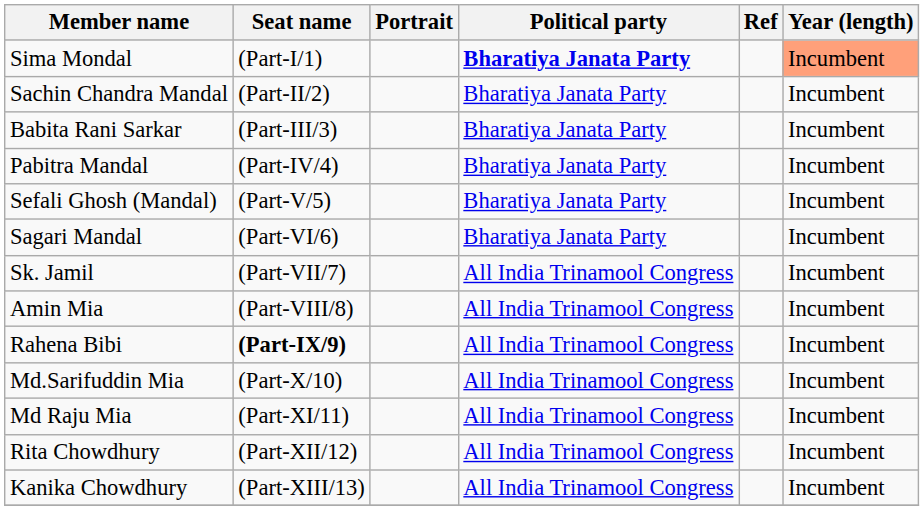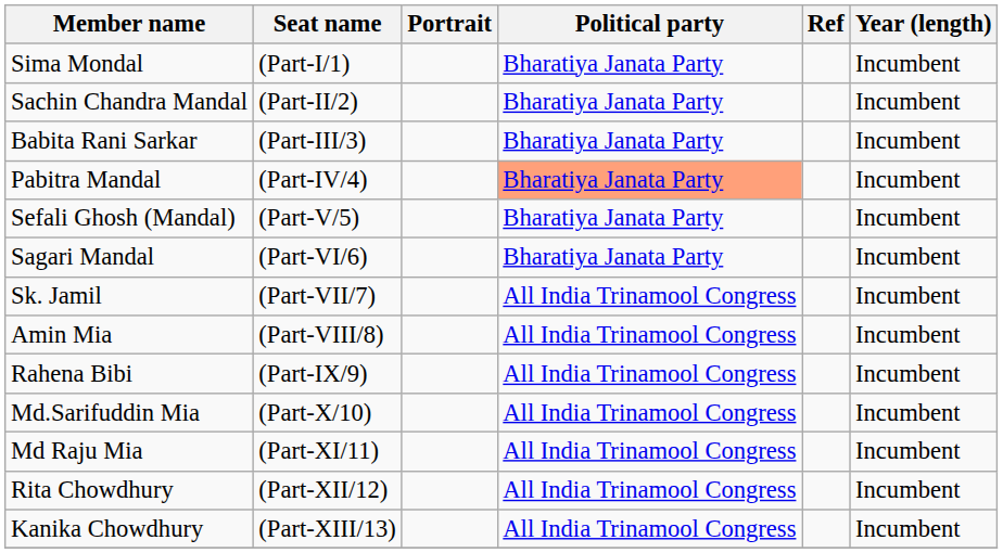 <table class="wikitable">
 <tr>
 <th>Member name</th>
 <th>Seat name</th>
 <th scope=col class=unsortable>Portrait</th>
 <th>Political party</th>
 <th scope=col class=unsortable>Ref</th>
 <th>Year (length)</th>
 </tr>
 <tr>
 <td>Sima Mondal</td>
 <td>(Part-I/1)</td>
 <td></td>
-<td><strong><a href='#'>Bharatiya Janata Party</a></strong></td>
+<td><a href='#'>Bharatiya Janata Party</a></td>
 <td width="4px"></td>
-<td style="background: lightsalmon;">Incumbent</td>
+<td>Incumbent</td>
 </tr>
 <tr>
 <td>Sachin Chandra Mandal</td>
 <td>(Part-II/2)</td>
 <td></td>
 <td><a href='#'>Bharatiya Janata Party</a></td>
 <td width="4px"></td>
 <td>Incumbent</td>
 </tr>
 <tr>
 <td>Babita Rani Sarkar</td>
 <td>(Part-III/3)</td>
 <td></td>
 <td><a href='#'>Bharatiya Janata Party</a></td>
 <td width="4px"></td>
 <td>Incumbent</td>
 </tr>
 <tr>
 <td>Pabitra Mandal</td>
 <td>(Part-IV/4)</td>
 <td></td>
-<td><a href='#'>Bharatiya Janata Party</a></td>
+<td style="background: lightsalmon;"><a href='#'>Bharatiya Janata Party</a></td>
 <td width="4px"></td>
 <td>Incumbent</td>
 </tr>
 <tr>
 <td>Sefali Ghosh (Mandal)</td>
 <td>(Part-V/5)</td>
 <td></td>
 <td><a href='#'>Bharatiya Janata Party</a></td>
 <td width="4px"></td>
 <td>Incumbent</td>
 </tr>
 <tr>
 <td>Sagari Mandal</td>
 <td>(Part-VI/6)</td>
 <td></td>
 <td><a href='#'>Bharatiya Janata Party</a></td>
 <td width="4px"></td>
 <td>Incumbent</td>
 </tr>
 <tr>
 <td>Sk. Jamil</td>
 <td>(Part-VII/7)</td>
 <td></td>
 <td><a href='#'>All India Trinamool Congress</a></td>
 <td width="4px"></td>
 <td>Incumbent</td>
 </tr>
 <tr>
 <td>Amin Mia</td>
 <td>(Part-VIII/8)</td>
 <td></td>
 <td><a href='#'>All India Trinamool Congress</a></td>
 <td width="4px"></td>
 <td>Incumbent</td>
 </tr>
 <tr>
 <td>Rahena Bibi</td>
-<td><strong>(Part-IX/9)</strong></td>
+<td>(Part-IX/9)</td>
 <td></td>
 <td><a href='#'>All India Trinamool Congress</a></td>
 <td width="4px"></td>
 <td>Incumbent</td>
 </tr>
 <tr>
 <td>Md.Sarifuddin Mia</td>
 <td>(Part-X/10)</td>
 <td></td>
 <td><a href='#'>All India Trinamool Congress</a></td>
 <td width="4px"></td>
 <td>Incumbent</td>
 </tr>
 <tr>
 <td>Md Raju Mia</td>
 <td>(Part-XI/11)</td>
 <td></td>
 <td><a href='#'>All India Trinamool Congress</a></td>
 <td width="4px"></td>
 <td>Incumbent</td>
 </tr>
 <tr>
 <td>Rita Chowdhury</td>
 <td>(Part-XII/12)</td>
 <td></td>
 <td><a href='#'>All India Trinamool Congress</a></td>
 <td width="4px"></td>
 <td>Incumbent</td>
 </tr>
 <tr>
 <td>Kanika Chowdhury</td>
 <td>(Part-XIII/13)</td>
 <td></td>
 <td><a href='#'>All India Trinamool Congress</a></td>
 <td width="4px"></td>
 <td>Incumbent</td>
 </tr>
 <tr>
 </tr>
 </table>
